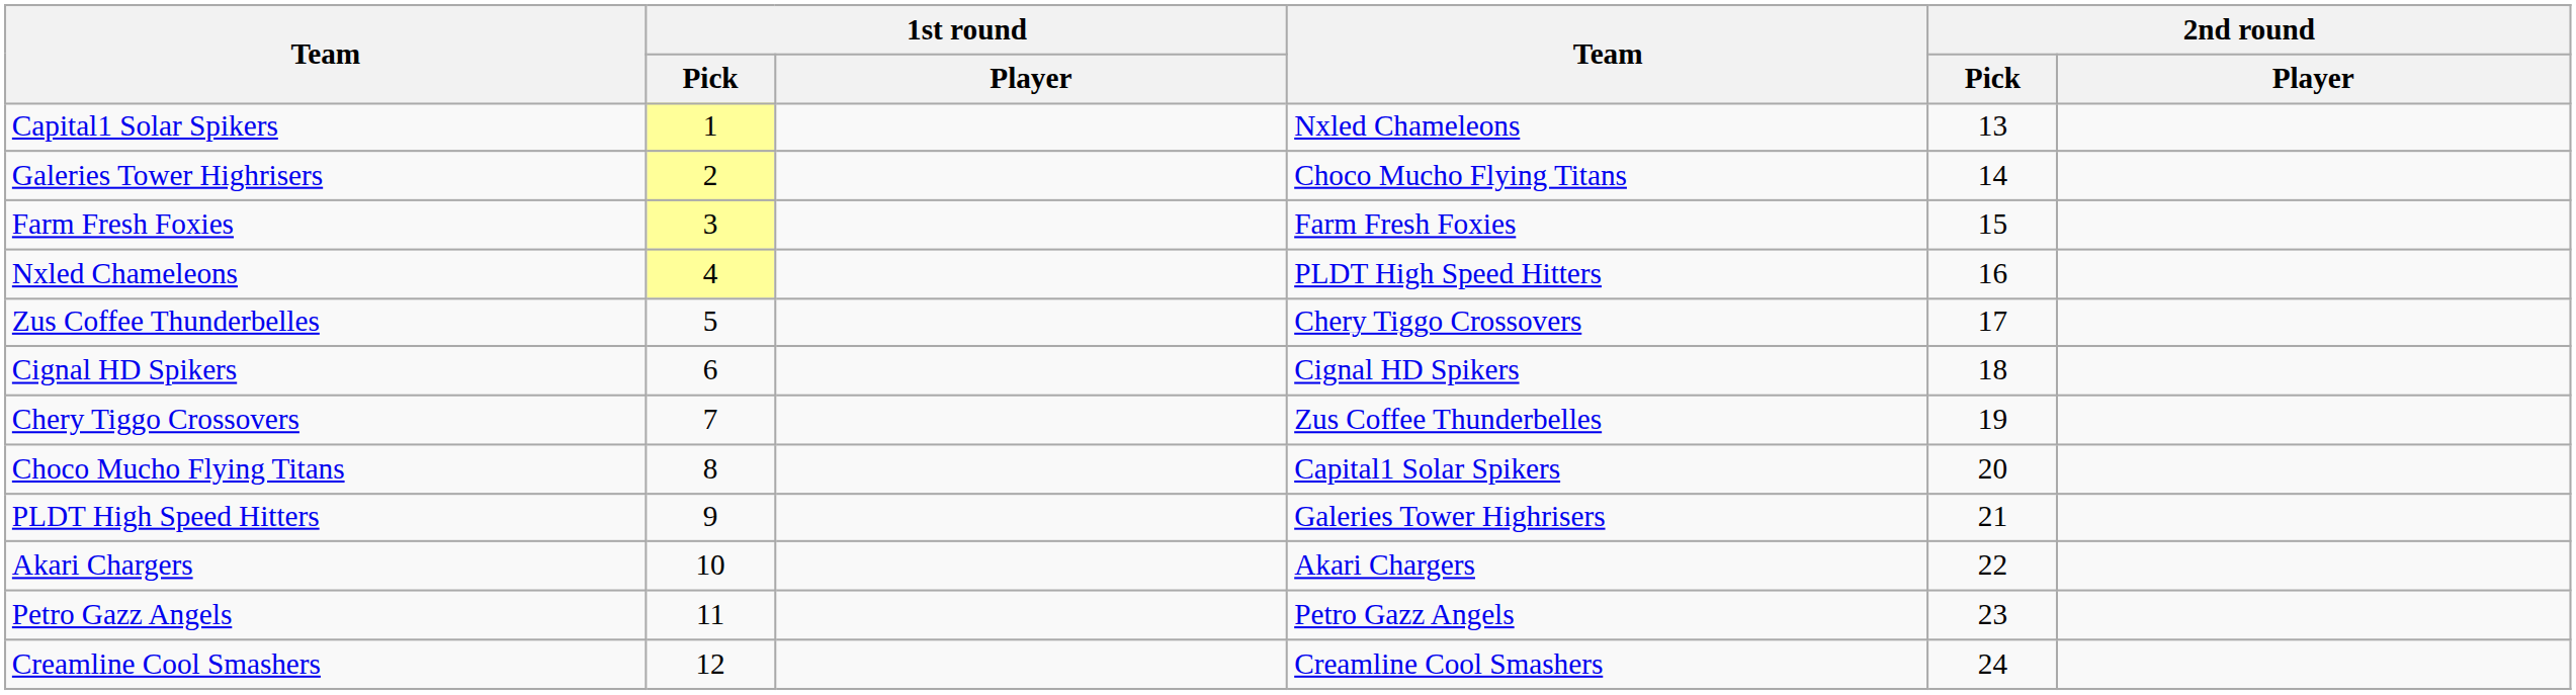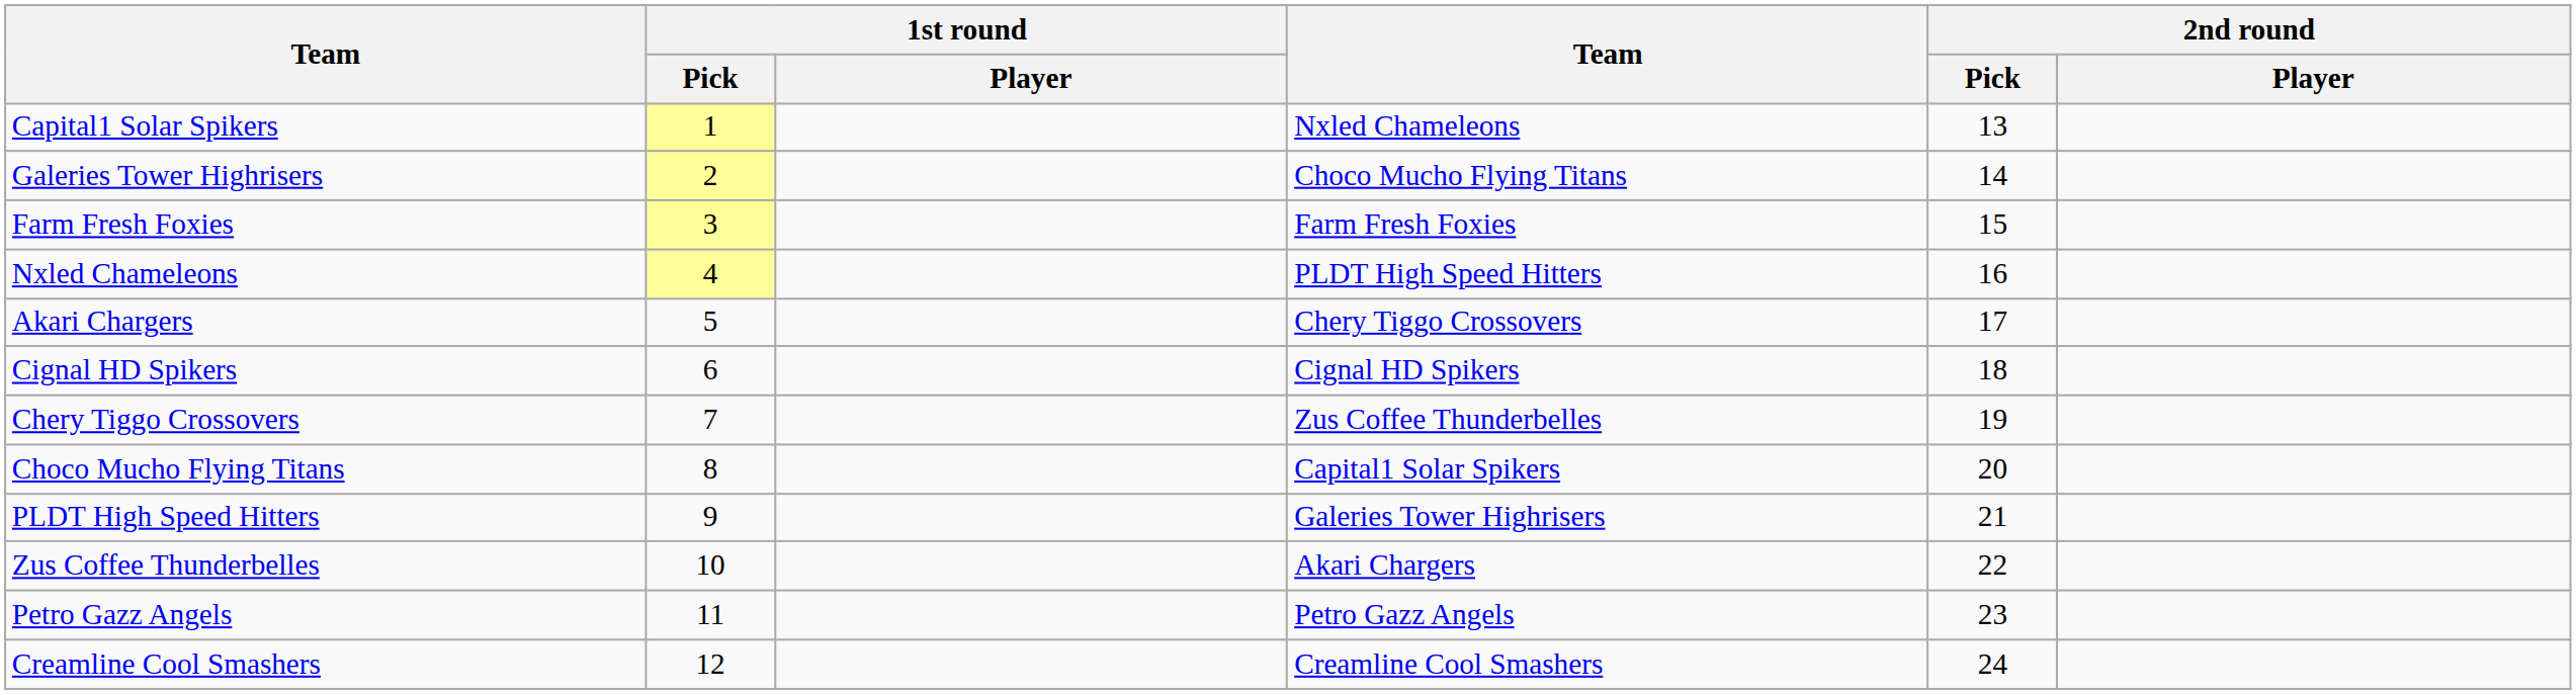 <table class="wikitable" style="font-size:90%; text-align:center; white-space:nowrap">
 <tr>
 <th rowspan="2">Team</th>
 <th colspan="2">1st round</th>
 <th rowspan="2">Team</th>
 <th colspan="2">2nd round</th>
 </tr>
 <tr>
 <th width=5%>Pick</th>
 <th width=20%>Player</th>
 <th width=5%>Pick</th>
 <th width=20%>Player</th>
 </tr>
 <tr>
 <td style="text-align:left"><a href='#'>Capital1 Solar Spikers</a></td>
 <td style="background:#ff9; width:5em; text-align:center">1</td>
 <td></td>
 <td style="text-align:left"><a href='#'>Nxled Chameleons</a></td>
 <td>13</td>
 <td></td>
 </tr>
 <tr>
 <td style="text-align:left"><a href='#'>Galeries Tower Highrisers</a></td>
 <td style="background:#ff9; width:5em; text-align:center">2</td>
 <td></td>
 <td style="text-align:left"><a href='#'>Choco Mucho Flying Titans</a></td>
 <td>14</td>
 <td></td>
 </tr>
 <tr>
 <td style="text-align:left"><a href='#'>Farm Fresh Foxies</a></td>
 <td style="background:#ff9; width:5em; text-align:center">3</td>
 <td></td>
 <td style="text-align:left"><a href='#'>Farm Fresh Foxies</a></td>
 <td>15</td>
 <td></td>
 </tr>
 <tr>
 <td style="text-align:left"><a href='#'>Nxled Chameleons</a></td>
 <td style="background:#ff9; width:5em; text-align:center">4</td>
 <td></td>
 <td style="text-align:left"><a href='#'>PLDT High Speed Hitters</a></td>
 <td>16</td>
 <td></td>
 </tr>
 <tr>
-<td style="text-align:left"><a href='#'>Zus Coffee Thunderbelles</a></td>
+<td style="text-align:left"><a href='#'>Akari Chargers</a></td>
 <td>5</td>
 <td></td>
 <td style="text-align:left"><a href='#'>Chery Tiggo Crossovers</a></td>
 <td>17</td>
 <td></td>
 </tr>
 <tr>
 <td style="text-align:left"><a href='#'>Cignal HD Spikers</a></td>
 <td>6</td>
 <td></td>
 <td style="text-align:left"><a href='#'>Cignal HD Spikers</a></td>
 <td>18</td>
 <td></td>
 </tr>
 <tr>
 <td style="text-align:left"><a href='#'>Chery Tiggo Crossovers</a></td>
 <td>7</td>
 <td></td>
 <td style="text-align:left"><a href='#'>Zus Coffee Thunderbelles</a></td>
 <td>19</td>
 <td></td>
 </tr>
 <tr>
 <td style="text-align:left"><a href='#'>Choco Mucho Flying Titans</a></td>
 <td>8</td>
 <td></td>
 <td style="text-align:left"><a href='#'>Capital1 Solar Spikers</a></td>
 <td>20</td>
 <td></td>
 </tr>
 <tr>
 <td style="text-align:left"><a href='#'>PLDT High Speed Hitters</a></td>
 <td>9</td>
 <td></td>
 <td style="text-align:left"><a href='#'>Galeries Tower Highrisers</a></td>
 <td>21</td>
 <td></td>
 </tr>
 <tr>
-<td style="text-align:left"><a href='#'>Akari Chargers</a></td>
+<td style="text-align:left"><a href='#'>Zus Coffee Thunderbelles</a></td>
 <td>10</td>
 <td></td>
 <td style="text-align:left"><a href='#'>Akari Chargers</a></td>
 <td>22</td>
 <td></td>
 </tr>
 <tr>
 <td style="text-align:left"><a href='#'>Petro Gazz Angels</a></td>
 <td>11</td>
 <td></td>
 <td style="text-align:left"><a href='#'>Petro Gazz Angels</a></td>
 <td>23</td>
 <td></td>
 </tr>
 <tr>
 <td style="text-align:left"><a href='#'>Creamline Cool Smashers</a></td>
 <td>12</td>
 <td></td>
 <td style="text-align:left"><a href='#'>Creamline Cool Smashers</a></td>
 <td>24</td>
 <td></td>
 </tr>
 </table>
